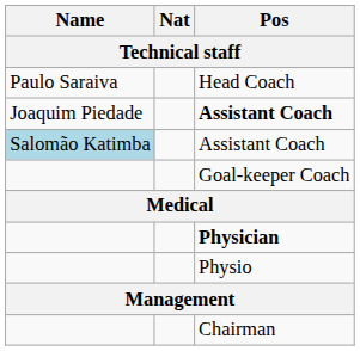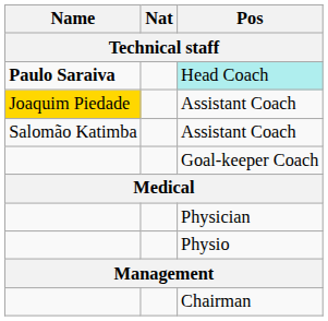 <table class="wikitable ve-ce-branchNode ve-ce-tableNode">
 <tr>
 <th>Name</th>
 <th>Nat</th>
 <th>Pos</th>
 </tr>
 <tr>
 <th colspan=4>Technical staff</th>
 </tr>
 <tr>
-<td>Paulo Saraiva</td>
+<td><strong>Paulo Saraiva</strong></td>
 <td></td>
-<td>Head Coach</td>
+<td style="background: paleturquoise;">Head Coach</td>
 </tr>
 <tr>
-<td>Joaquim Piedade</td>
+<td style="background: gold;">Joaquim Piedade</td>
 <td></td>
-<td><strong>Assistant Coach</strong></td>
+<td>Assistant Coach</td>
 </tr>
 <tr>
-<td style="background: lightblue;">Salomão Katimba</td>
+<td>Salomão Katimba</td>
 <td></td>
 <td>Assistant Coach</td>
 </tr>
 <tr>
 <td></td>
 <td></td>
 <td>Goal-keeper Coach</td>
 </tr>
 <tr>
 <th colspan=4>Medical</th>
 </tr>
 <tr>
 <td></td>
 <td></td>
-<td><strong>Physician</strong></td>
+<td>Physician</td>
 </tr>
 <tr>
 <td></td>
 <td></td>
 <td>Physio</td>
 </tr>
 <tr>
 <th colspan=4>Management</th>
 </tr>
 <tr>
 <td></td>
 <td></td>
 <td>Chairman</td>
 </tr>
 </table>
